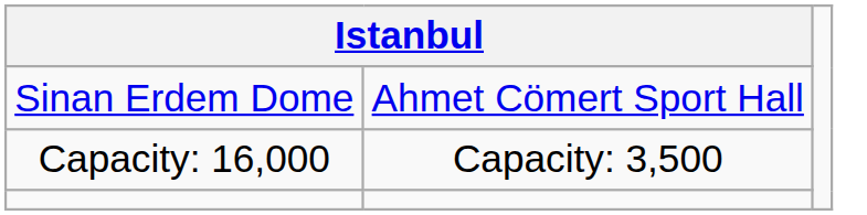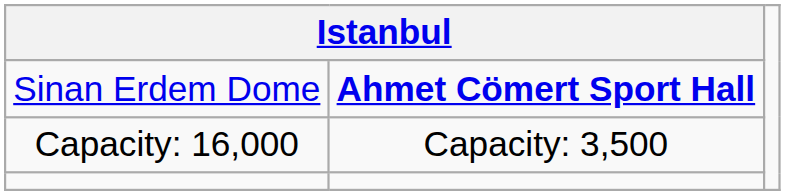 <table class="wikitable" style="text-align:center">
 <tr>
 <th colspan=2><a href='#'>Istanbul</a></th>
 <td rowspan=4></td>
 </tr>
 <tr>
 <td><a href='#'>Sinan Erdem Dome</a></td>
-<td><a href='#'>Ahmet Cömert Sport Hall</a></td>
+<td><strong><a href='#'>Ahmet Cömert Sport Hall</a></strong></td>
 </tr>
 <tr>
 <td>Capacity: 16,000</td>
 <td>Capacity: 3,500</td>
 </tr>
 <tr>
 <td></td>
 <td></td>
 </tr>
 </table>
